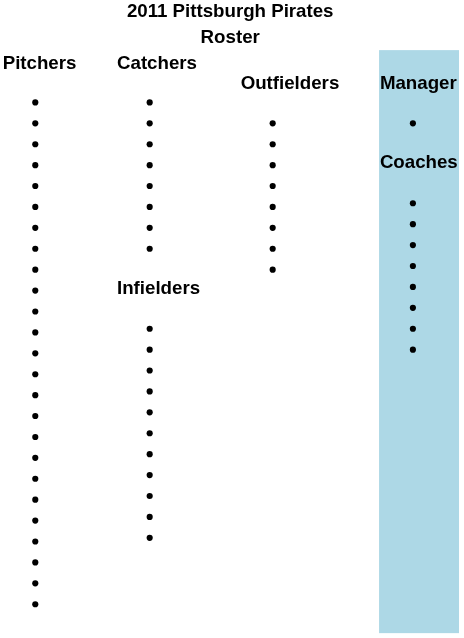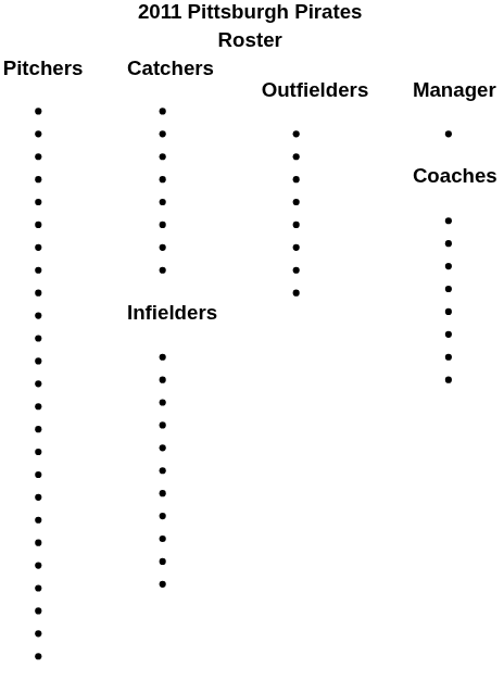 <table class="toccolours" style="font-size: 95%;">
 <tr>
 <th colspan="10">2011 Pittsburgh Pirates</th>
 </tr>
 <tr>
 <th colspan="10">Roster</th>
 </tr>
 <tr>
 <td valign="top"><strong>Pitchers</strong><br><ul><li></li><li></li><li></li><li></li><li></li><li></li><li></li><li></li><li></li><li></li><li></li><li></li><li></li><li></li><li></li><li></li><li></li><li></li><li></li><li></li><li></li><li></li><li></li><li></li><li></li></ul></td>
 <td style="width:25px;"></td>
 <td valign="top"><strong>Catchers</strong><br><ul><li></li><li></li><li></li><li></li><li></li><li></li><li></li><li></li></ul><strong>Infielders</strong><ul><li></li><li></li><li></li><li></li><li></li><li></li><li></li><li></li><li></li><li></li><li></li></ul></td>
 <td style="width:25px;"></td>
 <td valign="top"><br><strong>Outfielders</strong><ul><li></li><li></li><li></li><li></li><li></li><li></li><li></li><li></li></ul></td>
 <td style="width:25px;"></td>
-<td valign="top" style="background: lightblue;"><br><strong>Manager</strong><ul><li></li></ul><strong>Coaches</strong><ul><li> </li><li> </li><li> </li><li> </li><li> </li><li> </li><li> </li><li> </li></ul></td>
+<td valign="top"><br><strong>Manager</strong><ul><li></li></ul><strong>Coaches</strong><ul><li> </li><li> </li><li> </li><li> </li><li> </li><li> </li><li> </li><li> </li></ul></td>
 </tr>
 </table>
